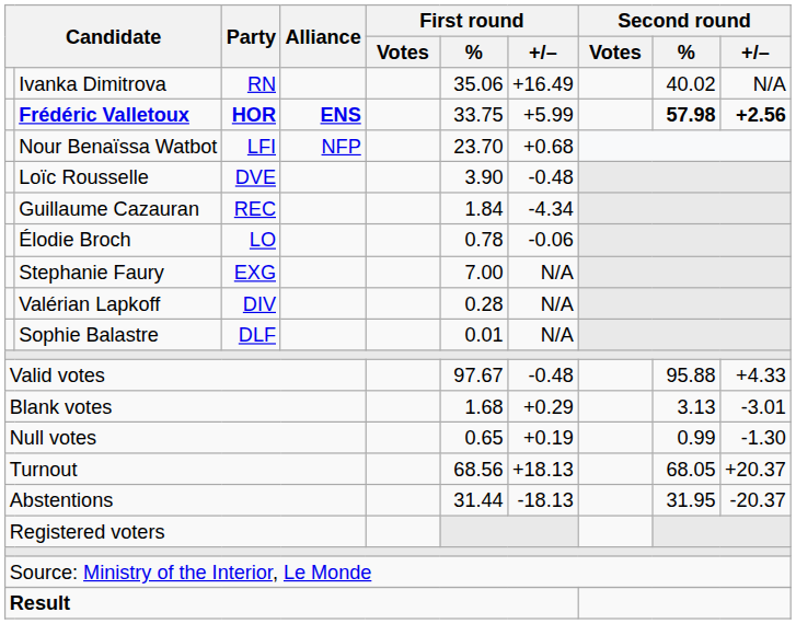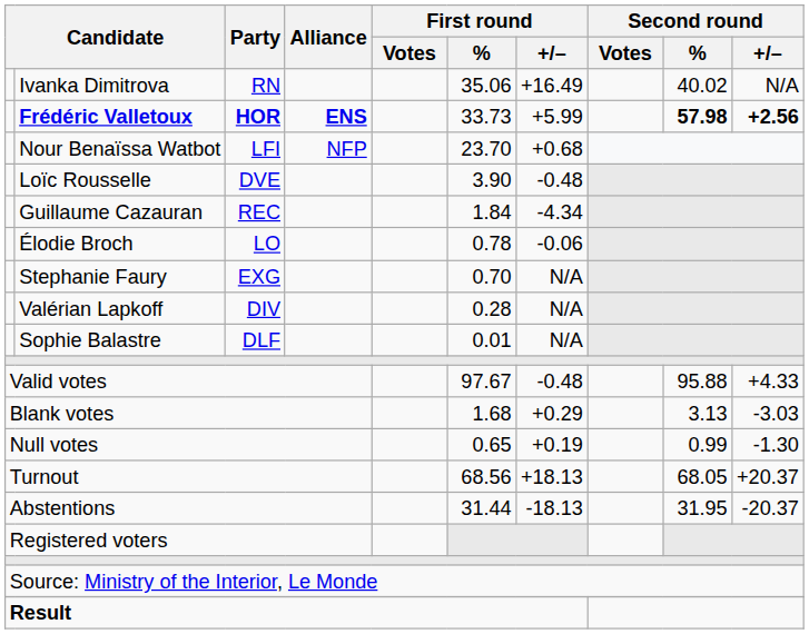 <table class="wikitable" style="text-align:right;font-size:95%;">
 <tr>
 <th rowspan="2" colspan="2">Candidate</th>
 <th rowspan="2">Party</th>
 <th rowspan="2">Alliance</th>
 <th colspan="3">First round</th>
 <th colspan="3">Second round</th>
 </tr>
 <tr>
 <th style="width:50px;">Votes</th>
 <th style="width:45px;">%</th>
 <th style="width:45px;">+/–</th>
 <th style="width:50px;">Votes</th>
 <th style="width:45px;">%</th>
 <th style="width:45px;">+/–</th>
 </tr>
 <tr>
 <td style="color:inherit;background:"></td>
 <td style="text-align:left;">Ivanka Dimitrova</td>
 <td><a href='#'>RN</a></td>
 <td></td>
 <td></td>
 <td>35.06</td>
 <td>+16.49</td>
 <td></td>
 <td>40.02</td>
 <td>N/A</td>
 </tr>
 <tr>
 <td style="color:inherit;background:"></td>
 <td style="text-align:left;"><strong><a href='#'>Frédéric Valletoux</a></strong></td>
 <td><a href='#'><strong>HOR</strong></a></td>
 <td><a href='#'><strong>ENS</strong></a></td>
 <td></td>
-<td>33.75</td>
+<td>33.73</td>
 <td>+5.99</td>
 <td><strong></strong></td>
 <td><strong>57.98</strong></td>
 <td><strong>+2.56</strong></td>
 </tr>
 <tr>
 <td style="color:inherit;background:"></td>
 <td style="text-align:left;">Nour Benaïssa Watbot</td>
 <td><a href='#'>LFI</a></td>
 <td><a href='#'>NFP</a></td>
 <td></td>
 <td>23.70</td>
 <td>+0.68</td>
 <td colspan="3" style="background:#F8F9FA;"></td>
 </tr>
 <tr>
 <td style="color:inherit;background:"></td>
 <td style="text-align:left;">Loïc Rousselle</td>
 <td><a href='#'>DVE</a></td>
 <td></td>
 <td></td>
 <td>3.90</td>
 <td>-0.48</td>
 <td colspan="3" style="background:#E9E9E9;"></td>
 </tr>
 <tr>
 <td style="color:inherit;background:"></td>
 <td style="text-align:left;">Guillaume Cazauran</td>
 <td><a href='#'>REC</a></td>
 <td></td>
 <td></td>
 <td>1.84</td>
 <td>-4.34</td>
 <td colspan="3" style="background:#E9E9E9;"></td>
 </tr>
 <tr>
 <td style="color:inherit;background:"></td>
 <td style="text-align:left;">Élodie Broch</td>
 <td><a href='#'>LO</a></td>
 <td></td>
 <td></td>
 <td>0.78</td>
 <td>-0.06</td>
 <td colspan="3" style="background:#E9E9E9;"></td>
 </tr>
 <tr>
 <td style="color:inherit;background:"></td>
 <td style="text-align:left;">Stephanie Faury</td>
 <td><a href='#'>EXG</a></td>
 <td></td>
 <td></td>
-<td>7.00</td>
+<td>0.70</td>
 <td>N/A</td>
 <td colspan="3" style="background:#E9E9E9;"></td>
 </tr>
 <tr>
 <td style="color:inherit;background:"></td>
 <td style="text-align:left;">Valérian Lapkoff</td>
 <td><a href='#'>DIV</a></td>
 <td></td>
 <td></td>
 <td>0.28</td>
 <td>N/A</td>
 <td colspan="3" style="background:#E9E9E9;"></td>
 </tr>
 <tr>
 <td style="color:inherit;background:"></td>
 <td style="text-align:left;">Sophie Balastre</td>
 <td><a href='#'>DLF</a></td>
 <td></td>
 <td></td>
 <td>0.01</td>
 <td>N/A</td>
 <td colspan="3" style="background:#E9E9E9;"></td>
 </tr>
 <tr>
 <td colspan="10" style="background:#E9E9E9;"></td>
 </tr>
 <tr>
 <td colspan="4" style="text-align:left;">Valid votes</td>
 <td></td>
 <td>97.67</td>
 <td>-0.48</td>
 <td></td>
 <td>95.88</td>
 <td>+4.33</td>
 </tr>
 <tr>
 <td colspan="4" style="text-align:left;">Blank votes</td>
 <td></td>
 <td>1.68</td>
 <td>+0.29</td>
 <td></td>
 <td>3.13</td>
-<td>-3.01</td>
+<td>-3.03</td>
 </tr>
 <tr>
 <td colspan="4" style="text-align:left;">Null votes</td>
 <td></td>
 <td>0.65</td>
 <td>+0.19</td>
 <td></td>
 <td>0.99</td>
 <td>-1.30</td>
 </tr>
 <tr>
 <td colspan="4" style="text-align:left;">Turnout</td>
 <td></td>
 <td>68.56</td>
 <td>+18.13</td>
 <td></td>
 <td>68.05</td>
 <td>+20.37</td>
 </tr>
 <tr>
 <td colspan="4" style="text-align:left;">Abstentions</td>
 <td></td>
 <td>31.44</td>
 <td>-18.13</td>
 <td></td>
 <td>31.95</td>
 <td>-20.37</td>
 </tr>
 <tr>
 <td colspan="4" style="text-align:left;">Registered voters</td>
 <td></td>
 <td colspan="2" style="background:#E9E9E9;"></td>
 <td></td>
 <td colspan="2" style="background:#E9E9E9;"></td>
 </tr>
 <tr>
 <td colspan="10" style="background:#E9E9E9;"></td>
 </tr>
 <tr>
 <td colspan="10" style="text-align:left;">Source: <a href='#'>Ministry of the Interior</a>, <a href='#'>Le Monde</a></td>
 </tr>
 <tr>
 </tr>
 <tr style="font-weight:bold">
 <td colspan="7" style="text-align:left;">Result</td>
 <td colspan="7" style="background-color:"></td>
 </tr>
 </table>
